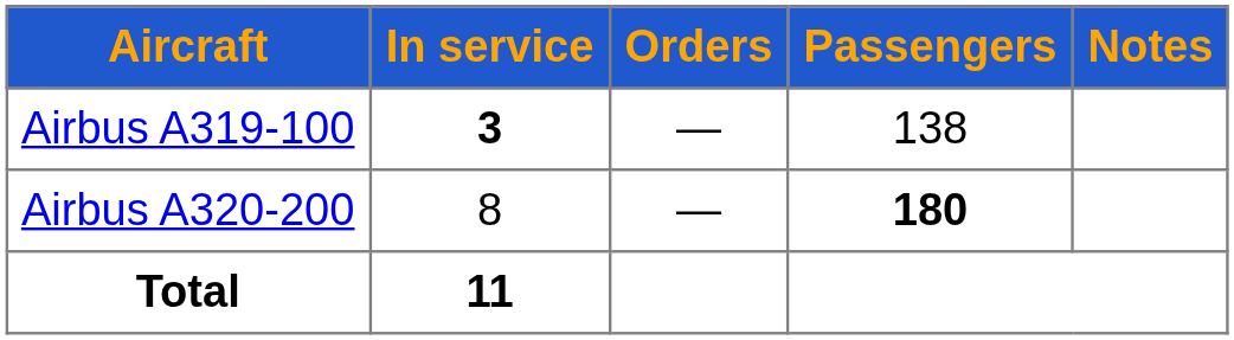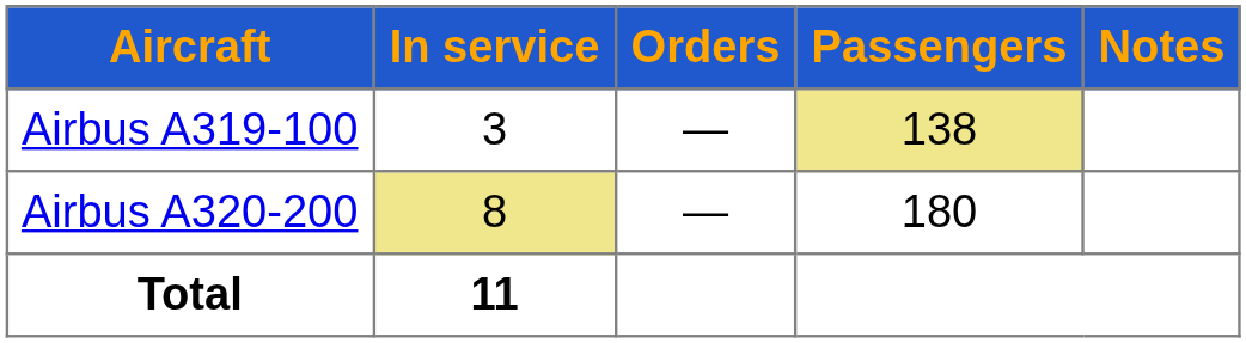 <table class="toccolours" border="1" cellpadding="5" style="margin:1em auto; border-collapse:collapse;text-align:center">
 <tr style="background-color:#1F59CD;color:orange;">
 <th>Aircraft</th>
 <th>In service</th>
 <th>Orders</th>
 <th>Passengers</th>
 <th>Notes</th>
 </tr>
 <tr>
 <td><a href='#'>Airbus A319-100</a></td>
-<td><strong>3</strong></td>
+<td>3</td>
 <td>—</td>
-<td>138</td>
+<td style="background: khaki;">138</td>
 <td></td>
 </tr>
 <tr>
 <td><a href='#'>Airbus A320-200</a></td>
-<td>8</td>
+<td style="background: khaki;">8</td>
 <td>—</td>
-<td><strong>180</strong></td>
+<td>180</td>
 <td></td>
 </tr>
 <tr>
 <th>Total</th>
 <th>11</th>
 <th></th>
 <th colspan="4"></th>
 </tr>
 </table>
